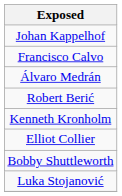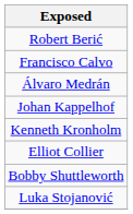 <table class="wikitable" style="text-align:center">
 <tr>
 <th>Exposed</th>
 </tr>
 <tr>
-<td><a href='#'>Johan Kappelhof</a></td>
+<td><a href='#'>Robert Berić</a></td>
 </tr>
 <tr>
 <td><a href='#'>Francisco Calvo</a></td>
 </tr>
 <tr>
 <td><a href='#'>Álvaro Medrán</a></td>
 </tr>
 <tr>
-<td><a href='#'>Robert Berić</a></td>
+<td><a href='#'>Johan Kappelhof</a></td>
 </tr>
 <tr>
 <td><a href='#'>Kenneth Kronholm</a></td>
 </tr>
 <tr>
 <td><a href='#'>Elliot Collier</a></td>
 </tr>
 <tr>
 <td><a href='#'>Bobby Shuttleworth</a></td>
 </tr>
 <tr>
 <td><a href='#'>Luka Stojanović</a></td>
 </tr>
 <tr>
 </tr>
 </table>
